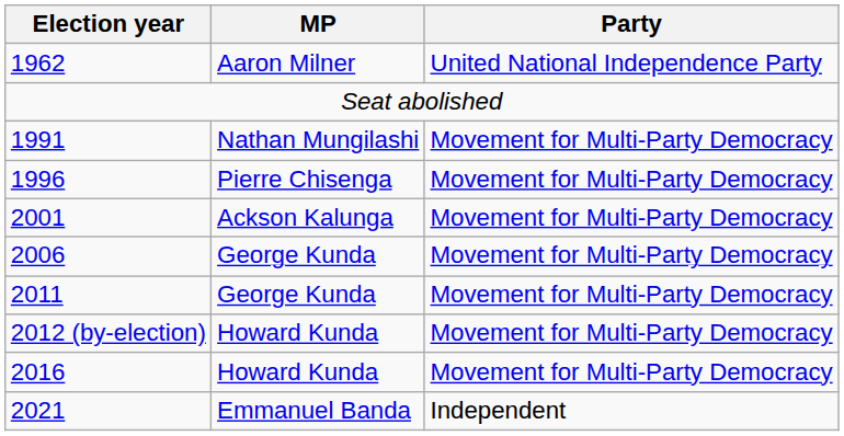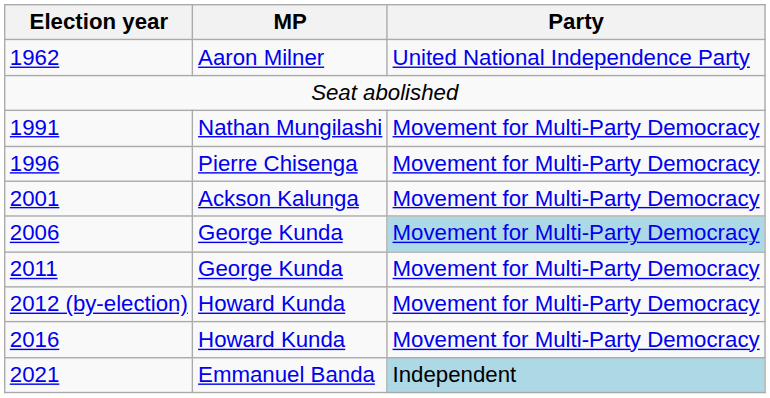 <table class=wikitable>
 <tr>
 <th>Election year</th>
 <th>MP</th>
 <th>Party</th>
 </tr>
 <tr>
 <td><a href='#'>1962</a></td>
 <td><a href='#'>Aaron Milner</a></td>
 <td><a href='#'>United National Independence Party</a></td>
 </tr>
 <tr>
 <td colspan=3 align=center><em>Seat abolished</em></td>
 </tr>
 <tr>
 <td><a href='#'>1991</a></td>
 <td><a href='#'>Nathan Mungilashi</a></td>
 <td><a href='#'>Movement for Multi-Party Democracy</a></td>
 </tr>
 <tr>
 <td><a href='#'>1996</a></td>
 <td><a href='#'>Pierre Chisenga</a></td>
 <td><a href='#'>Movement for Multi-Party Democracy</a></td>
 </tr>
 <tr>
 <td><a href='#'>2001</a></td>
 <td><a href='#'>Ackson Kalunga</a></td>
 <td><a href='#'>Movement for Multi-Party Democracy</a></td>
 </tr>
 <tr>
 <td><a href='#'>2006</a></td>
 <td><a href='#'>George Kunda</a></td>
-<td><a href='#'>Movement for Multi-Party Democracy</a></td>
+<td style="background: lightblue;"><a href='#'>Movement for Multi-Party Democracy</a></td>
 </tr>
 <tr>
 <td><a href='#'>2011</a></td>
 <td><a href='#'>George Kunda</a></td>
 <td><a href='#'>Movement for Multi-Party Democracy</a></td>
 </tr>
 <tr>
 <td><a href='#'>2012 (by-election)</a></td>
 <td><a href='#'>Howard Kunda</a></td>
 <td><a href='#'>Movement for Multi-Party Democracy</a></td>
 </tr>
 <tr>
 <td><a href='#'>2016</a></td>
 <td><a href='#'>Howard Kunda</a></td>
 <td><a href='#'>Movement for Multi-Party Democracy</a></td>
 </tr>
 <tr>
 <td><a href='#'>2021</a></td>
 <td><a href='#'>Emmanuel Banda</a></td>
-<td>Independent</td>
+<td style="background: lightblue;">Independent</td>
 </tr>
 </table>
